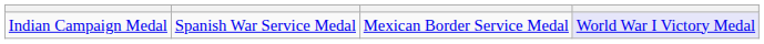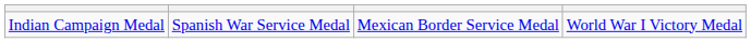 <table class="wikitable">
 <tr>
 <th></th>
 <th></th>
 <th></th>
 <th></th>
 </tr>
 <tr>
 <td><a href='#'>Indian Campaign Medal</a></td>
 <td><a href='#'>Spanish War Service Medal</a></td>
 <td><a href='#'>Mexican Border Service Medal</a></td>
-<td style="background: lavender;"><a href='#'>World War I Victory Medal</a></td>
+<td><a href='#'>World War I Victory Medal</a></td>
 </tr>
 </table>
